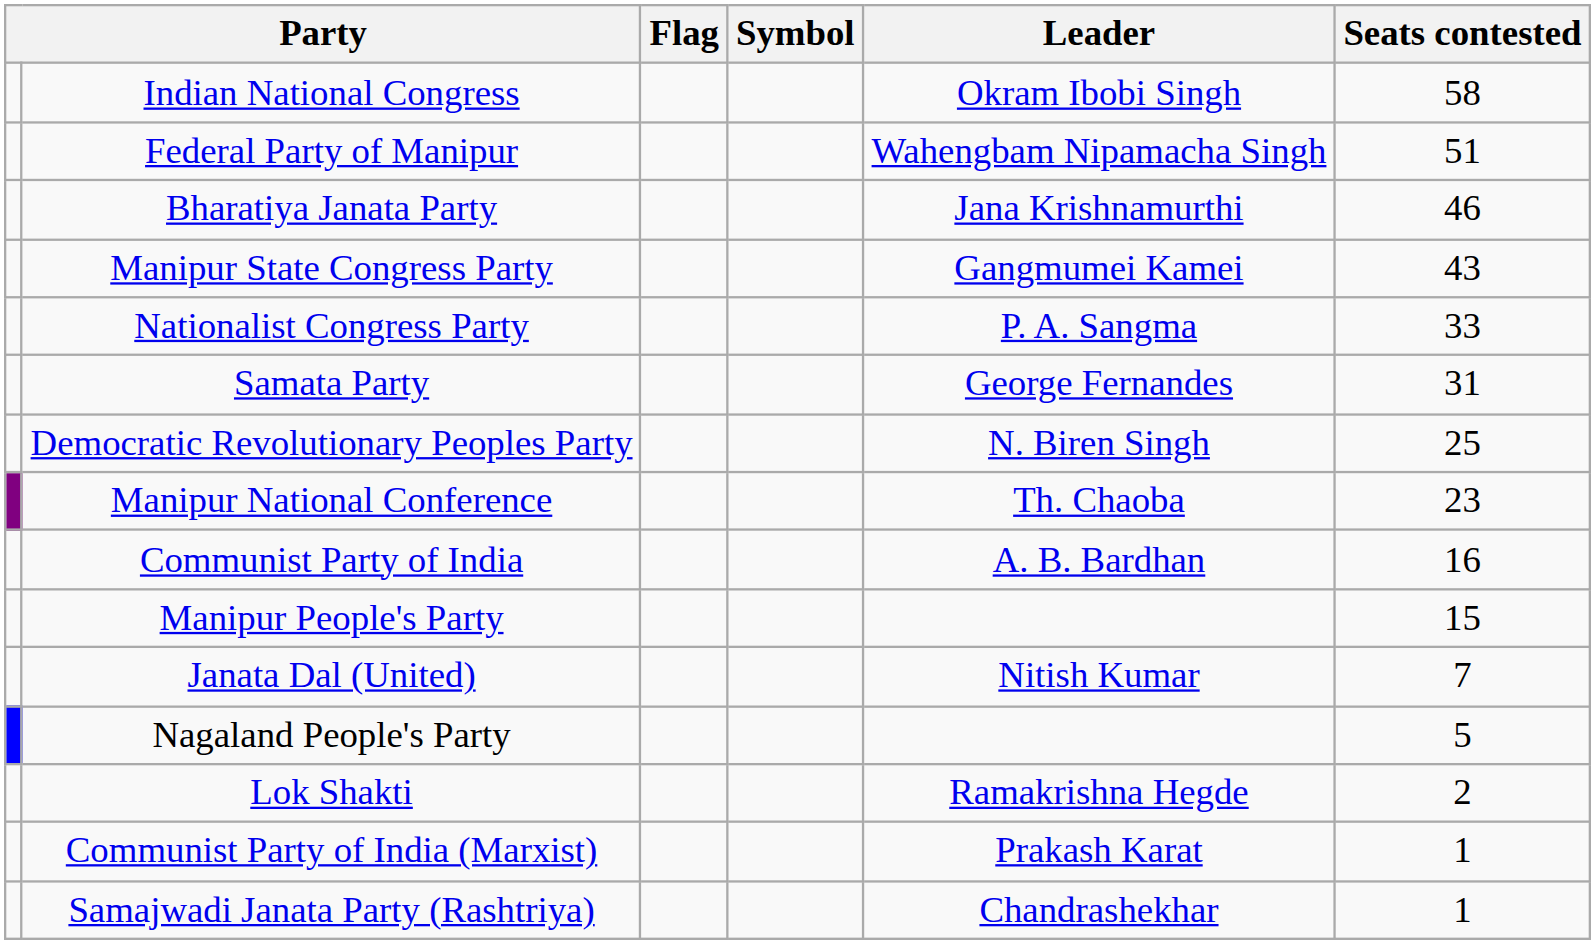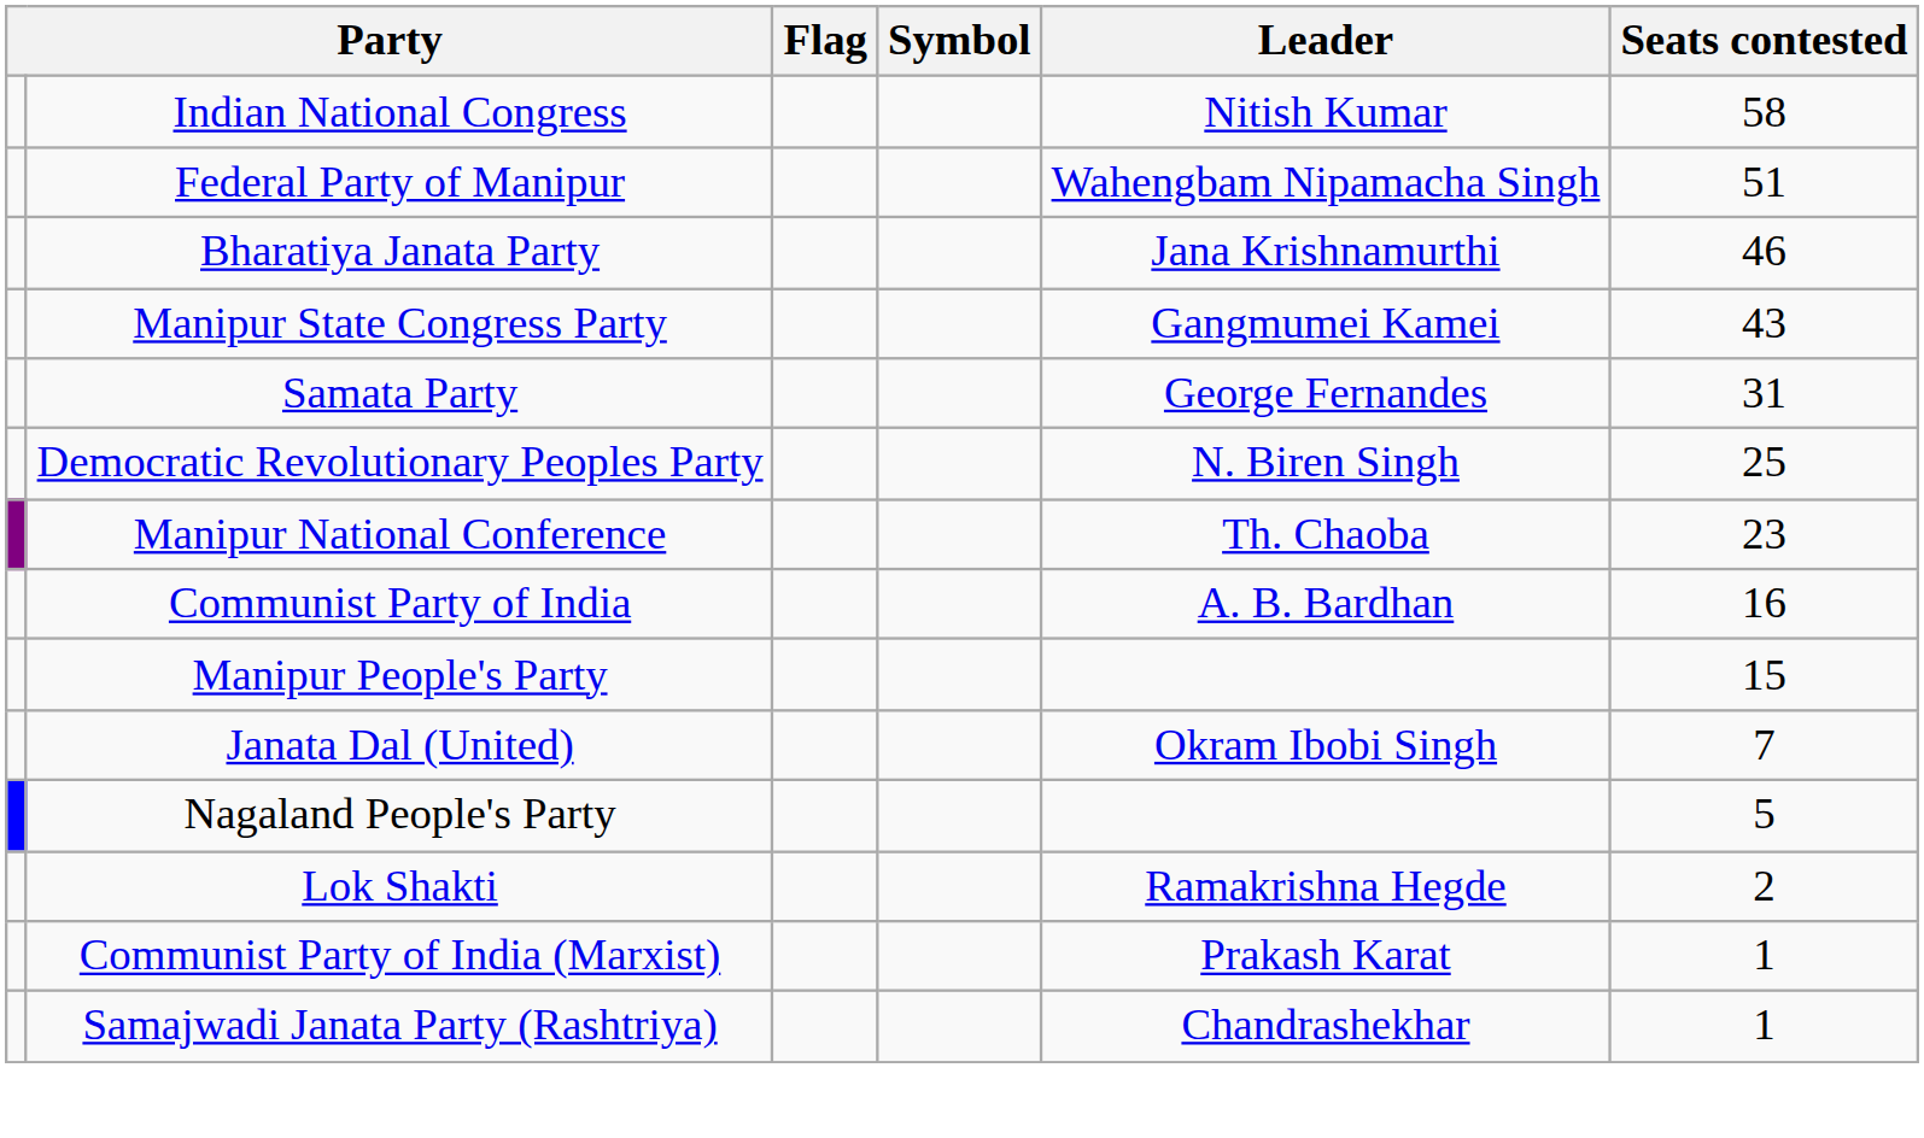 <table class="wikitable" style="text-align:center;">
 <tr>
 <th colspan="2">Party</th>
 <th>Flag</th>
 <th>Symbol</th>
 <th>Leader</th>
 <th>Seats contested</th>
 </tr>
 <tr>
 <td></td>
 <td><a href='#'>Indian National Congress</a></td>
 <td></td>
 <td></td>
-<td><a href='#'>Okram Ibobi Singh</a></td>
+<td><a href='#'>Nitish Kumar</a></td>
 <td>58</td>
 </tr>
 <tr>
 <td></td>
 <td><a href='#'>Federal Party of Manipur</a></td>
 <td></td>
 <td></td>
 <td><a href='#'>Wahengbam Nipamacha Singh</a></td>
 <td>51</td>
 </tr>
 <tr>
 <td></td>
 <td><a href='#'>Bharatiya Janata Party</a></td>
 <td></td>
 <td></td>
 <td><a href='#'>Jana Krishnamurthi</a></td>
 <td>46</td>
 </tr>
 <tr>
 <td></td>
 <td><a href='#'>Manipur State Congress Party</a></td>
 <td></td>
 <td></td>
 <td><a href='#'>Gangmumei Kamei</a></td>
 <td>43</td>
-</tr>
-<tr>
-<td></td>
-<td><a href='#'>Nationalist Congress Party</a></td>
-<td></td>
-<td></td>
-<td><a href='#'>P. A. Sangma</a></td>
-<td>33</td>
 </tr>
 <tr>
 <td></td>
 <td><a href='#'>Samata Party</a></td>
 <td></td>
 <td></td>
 <td><a href='#'>George Fernandes</a></td>
 <td>31</td>
 </tr>
 <tr>
 <td></td>
 <td><a href='#'>Democratic Revolutionary Peoples Party</a></td>
 <td></td>
 <td></td>
 <td><a href='#'>N. Biren Singh</a></td>
 <td>25</td>
 </tr>
 <tr>
 <td style="background-color: purple;"></td>
 <td><a href='#'>Manipur National Conference</a></td>
 <td></td>
 <td></td>
 <td><a href='#'>Th. Chaoba</a></td>
 <td>23</td>
 </tr>
 <tr>
 <td></td>
 <td><a href='#'>Communist Party of India</a></td>
 <td></td>
 <td></td>
 <td><a href='#'>A. B. Bardhan</a></td>
 <td>16</td>
 </tr>
 <tr>
 <td></td>
 <td><a href='#'>Manipur People's Party</a></td>
 <td></td>
 <td></td>
 <td></td>
 <td>15</td>
 </tr>
 <tr>
 <td></td>
 <td><a href='#'>Janata Dal (United)</a></td>
 <td></td>
 <td></td>
-<td><a href='#'>Nitish Kumar</a></td>
+<td><a href='#'>Okram Ibobi Singh</a></td>
 <td>7</td>
 </tr>
 <tr>
 <td style="background-color: blue;"></td>
 <td>Nagaland People's Party</td>
 <td></td>
 <td></td>
 <td></td>
 <td>5</td>
 </tr>
 <tr>
 <td></td>
 <td><a href='#'>Lok Shakti</a></td>
 <td></td>
 <td></td>
 <td><a href='#'>Ramakrishna Hegde</a></td>
 <td>2</td>
 </tr>
 <tr>
 <td></td>
 <td><a href='#'>Communist Party of India (Marxist)</a></td>
 <td></td>
 <td></td>
 <td><a href='#'>Prakash Karat</a></td>
 <td>1</td>
 </tr>
 <tr>
 <td></td>
 <td><a href='#'>Samajwadi Janata Party (Rashtriya)</a></td>
 <td></td>
 <td></td>
 <td><a href='#'>Chandrashekhar</a></td>
 <td>1</td>
 </tr>
 <tr>
 </tr>
 </table>
